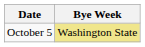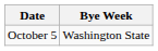 <table class="wikitable" style="font-size:95%;">
 <tr>
 <th>Date</th>
 <th colspan="1">Bye Week</th>
 </tr>
 <tr>
 <td>October 5</td>
-<td style="background: khaki;">Washington State</td>
+<td>Washington State</td>
 </tr>
 </table>
